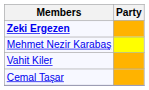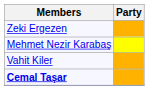 <table class=wikitable style="border:1px solid #8888aa; background-color:#f7f8ff; padding:0px; font-size:90%;">
 <tr>
 <th>Members</th>
 <th colspan="2">Party</th>
 </tr>
 <tr>
-<td><strong><a href='#'>Zeki Ergezen</a></strong></td>
+<td><a href='#'>Zeki Ergezen</a></td>
 <td style="background: #ffb300"></td>
 </tr>
 <tr>
 <td><a href='#'>Mehmet Nezir Karabaş</a></td>
 <td style="background: #ffff00"></td>
 </tr>
 <tr>
 <td><a href='#'>Vahit Kiler</a></td>
 <td style="background: #ffb300"></td>
 </tr>
 <tr>
-<td><a href='#'>Cemal Taşar</a></td>
+<td><strong><a href='#'>Cemal Taşar</a></strong></td>
 <td style="background: #ffb300"></td>
 </tr>
 <tr>
 </tr>
 </table>
